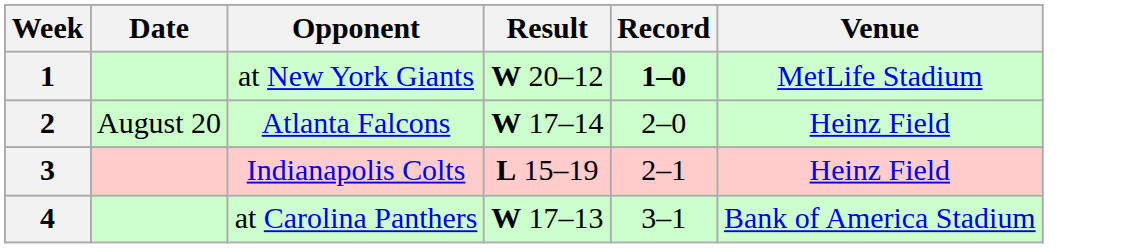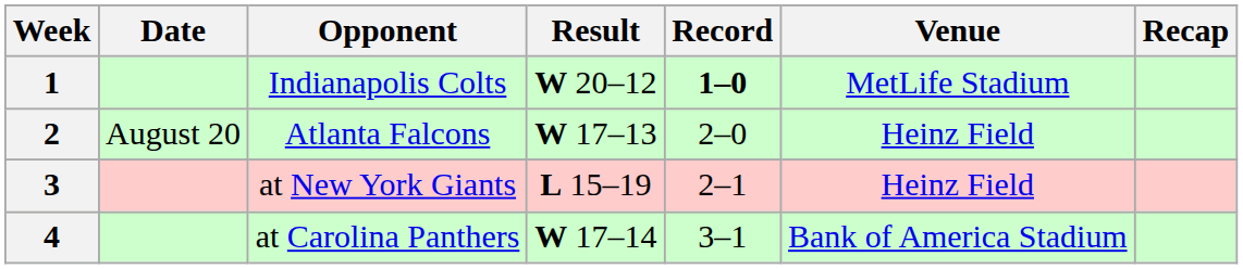 <table class="wikitable" style="text-align:center">
 <tr>
 <th>Week</th>
 <th>Date</th>
 <th>Opponent</th>
 <th>Result</th>
 <th>Record</th>
 <th>Venue</th>
+<th>Recap</th>
 </tr>
 <tr style="background:#cfc">
 <th>1</th>
 <td></td>
-<td>at <a href='#'>New York Giants</a></td>
+<td><a href='#'>Indianapolis Colts</a></td>
 <td><strong>W</strong> 20–12</td>
 <td><strong>1–0</strong></td>
 <td><a href='#'>MetLife Stadium</a></td>
+<td></td>
 </tr>
 <tr style="background:#cfc">
 <th>2</th>
 <td>August 20</td>
 <td><a href='#'>Atlanta Falcons</a></td>
-<td><strong>W</strong> 17–14</td>
+<td><strong>W</strong> 17–13</td>
 <td>2–0</td>
 <td><a href='#'>Heinz Field</a></td>
+<td></td>
 </tr>
 <tr style="background:#fcc">
 <th>3</th>
 <td></td>
-<td><a href='#'>Indianapolis Colts</a></td>
+<td>at <a href='#'>New York Giants</a></td>
 <td><strong>L</strong> 15–19</td>
 <td>2–1</td>
 <td><a href='#'>Heinz Field</a></td>
+<td></td>
 </tr>
 <tr style="background:#cfc">
 <th>4</th>
 <td></td>
 <td>at <a href='#'>Carolina Panthers</a></td>
-<td><strong>W</strong> 17–13</td>
+<td><strong>W</strong> 17–14</td>
 <td>3–1</td>
 <td><a href='#'>Bank of America Stadium</a></td>
+<td></td>
 </tr>
 </table>
